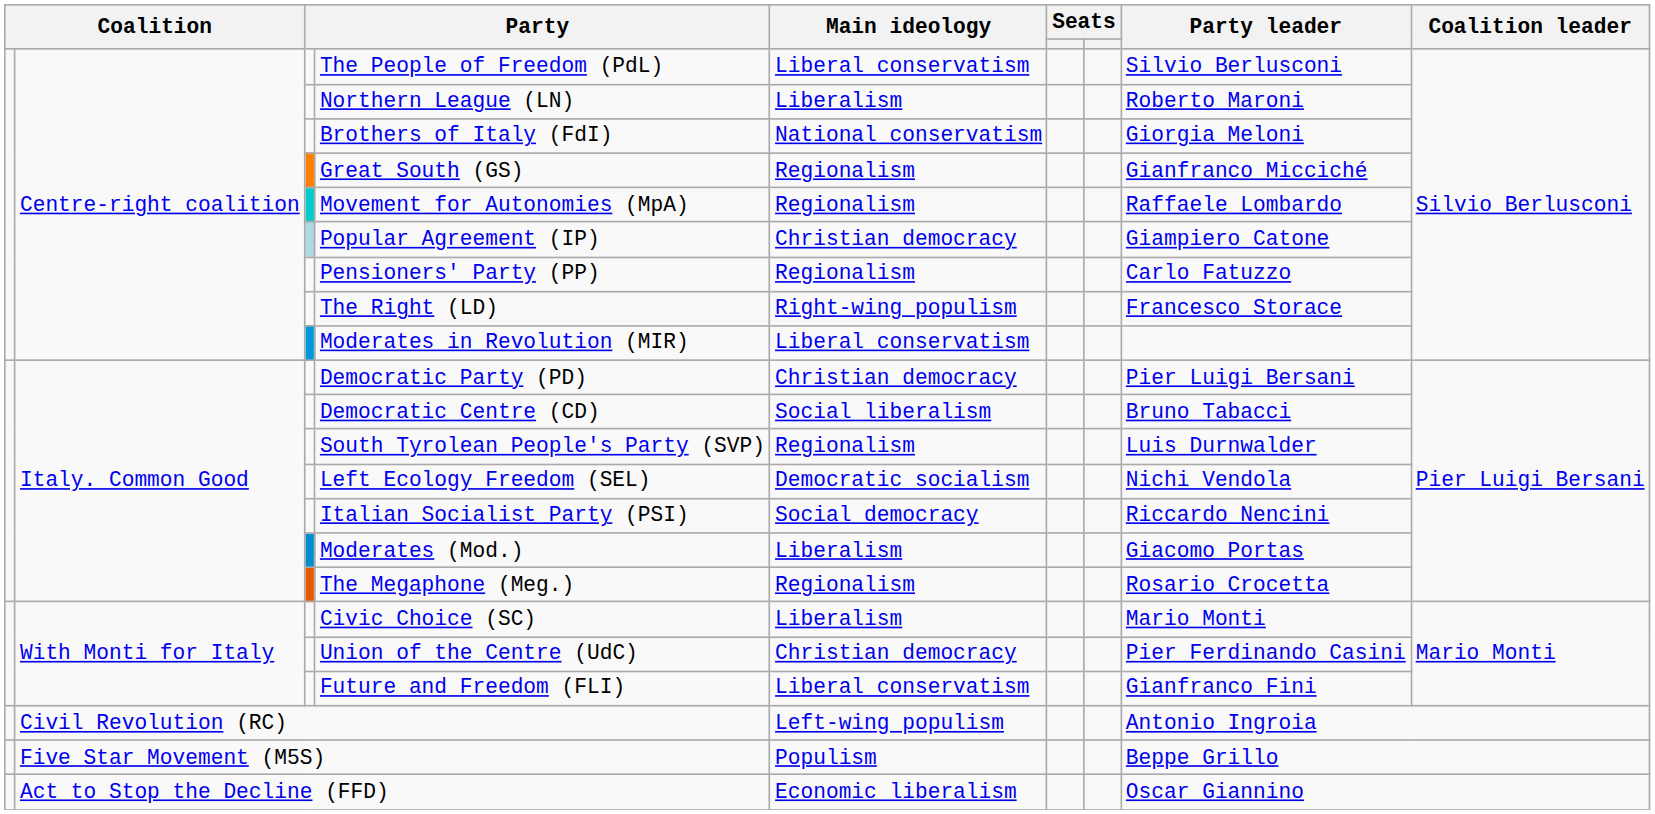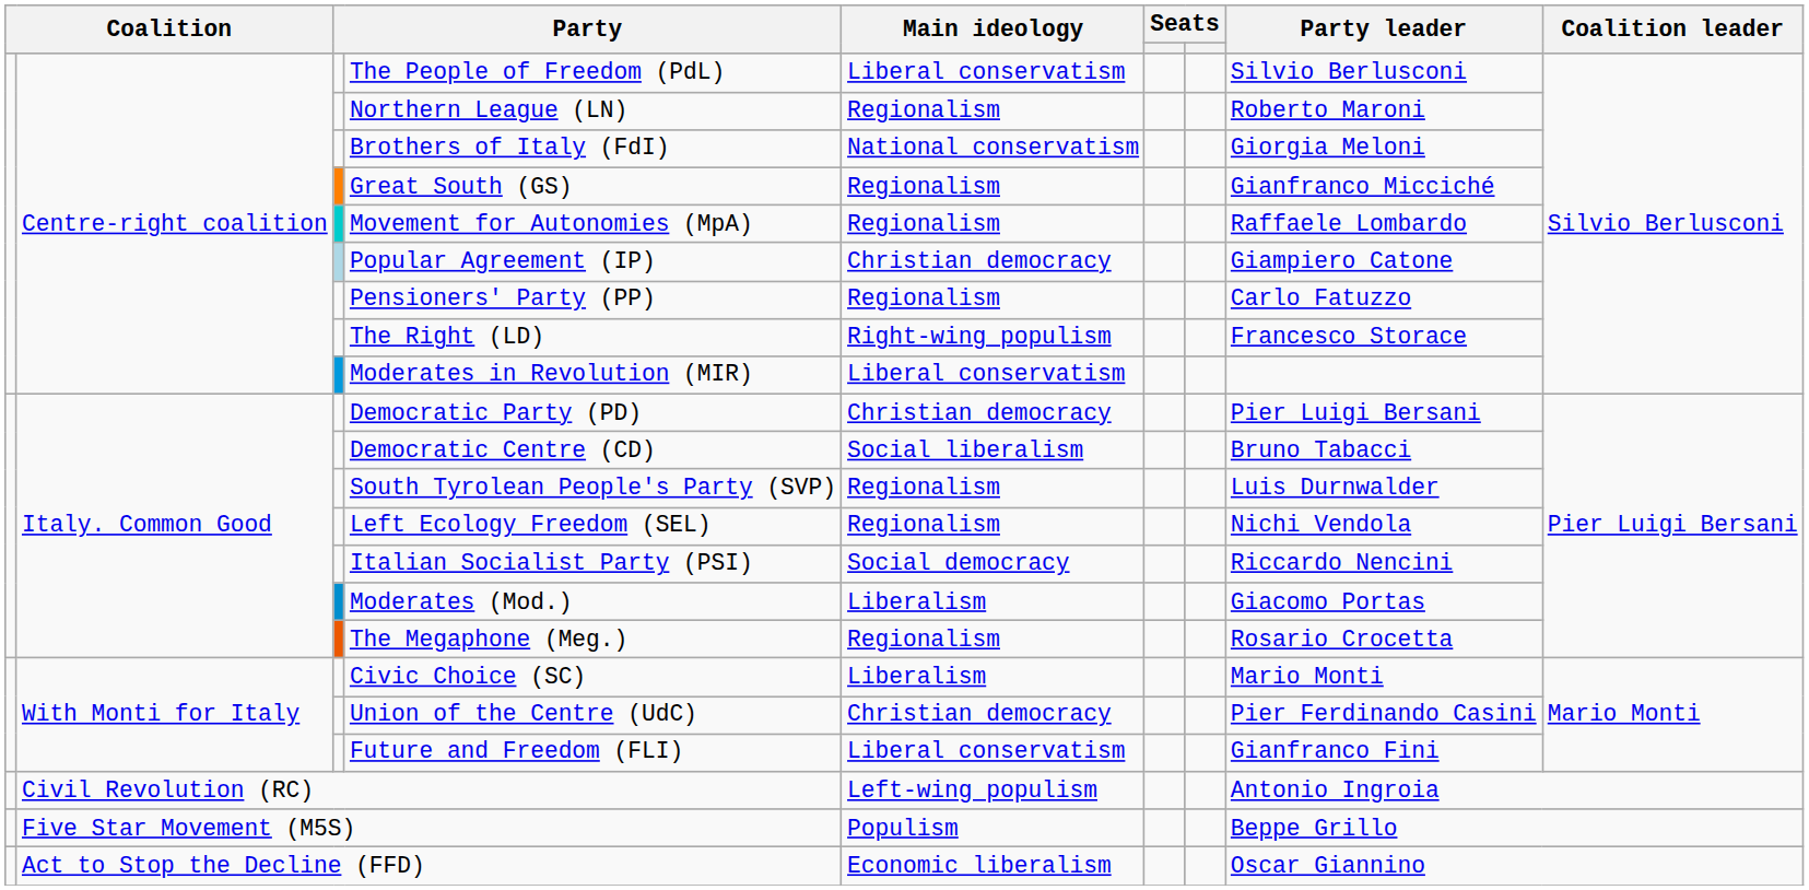 <table class=wikitable style="text-align:left">
 <tr>
 <th colspan="2" rowspan="2">Coalition</th>
 <th colspan="2" rowspan="2">Party</th>
 <th rowspan="2">Main ideology</th>
 <th colspan="2">Seats</th>
 <th rowspan="2">Party leader</th>
 <th rowspan="2">Coalition leader</th>
 </tr>
 <tr>
 <th></th>
 <th></th>
 </tr>
 <tr>
 <td rowspan="9"></td>
 <td rowspan="9"><a href='#'>Centre-right coalition</a></td>
 <td></td>
 <td><a href='#'>The People of Freedom</a> (PdL)</td>
 <td><a href='#'>Liberal conservatism</a></td>
 <td> </td>
 <td></td>
 <td><a href='#'>Silvio Berlusconi</a></td>
 <td rowspan="9"><a href='#'>Silvio Berlusconi</a></td>
 </tr>
 <tr>
 <td></td>
 <td><a href='#'>Northern League</a> (LN)</td>
-<td><a href='#'>Liberalism</a></td>
+<td><a href='#'>Regionalism</a></td>
 <td></td>
 <td></td>
 <td><a href='#'>Roberto Maroni</a></td>
 </tr>
 <tr>
 <td></td>
 <td><a href='#'>Brothers of Italy</a> (FdI)</td>
 <td><a href='#'>National conservatism</a></td>
 <td> </td>
 <td></td>
 <td><a href='#'>Giorgia Meloni</a></td>
 </tr>
 <tr>
 <td style="background:#ff7f00;"></td>
 <td><a href='#'>Great South</a> (GS)</td>
 <td><a href='#'>Regionalism</a></td>
 <td></td>
 <td></td>
 <td><a href='#'>Gianfranco Micciché</a></td>
 </tr>
 <tr>
 <td style="background:#0cc;"></td>
 <td><a href='#'>Movement for Autonomies</a> (MpA)</td>
 <td><a href='#'>Regionalism</a></td>
 <td></td>
 <td></td>
 <td><a href='#'>Raffaele Lombardo</a></td>
 </tr>
 <tr>
 <td style="background:lightblue;"></td>
 <td><a href='#'>Popular Agreement</a> (IP)</td>
 <td><a href='#'>Christian democracy</a></td>
 <td></td>
 <td></td>
 <td><a href='#'>Giampiero Catone</a></td>
 </tr>
 <tr>
 <td></td>
 <td><a href='#'>Pensioners' Party</a> (PP)</td>
 <td><a href='#'>Regionalism</a></td>
 <td></td>
 <td></td>
 <td><a href='#'>Carlo Fatuzzo</a></td>
 </tr>
 <tr>
 <td></td>
 <td><a href='#'>The Right</a> (LD)</td>
 <td><a href='#'>Right-wing populism</a></td>
 <td></td>
 <td></td>
 <td><a href='#'>Francesco Storace</a></td>
 </tr>
 <tr>
 <td style="background:#09d;"></td>
 <td><a href='#'>Moderates in Revolution</a> (MIR)</td>
 <td><a href='#'>Liberal conservatism</a></td>
 <td></td>
 <td></td>
 <td></td>
 </tr>
 <tr>
 <td rowspan="7"></td>
 <td rowspan="7"><a href='#'>Italy. Common Good</a></td>
 <td></td>
 <td><a href='#'>Democratic Party</a> (PD)</td>
 <td><a href='#'>Christian democracy</a></td>
 <td></td>
 <td></td>
 <td><a href='#'>Pier Luigi Bersani</a></td>
 <td rowspan="7"><a href='#'>Pier Luigi Bersani</a></td>
 </tr>
 <tr>
 <td></td>
 <td><a href='#'>Democratic Centre</a> (CD)</td>
 <td><a href='#'>Social liberalism</a></td>
 <td></td>
 <td></td>
 <td><a href='#'>Bruno Tabacci</a></td>
 </tr>
 <tr>
 <td></td>
 <td><a href='#'>South Tyrolean People's Party</a> (SVP)</td>
 <td><a href='#'>Regionalism</a></td>
 <td></td>
 <td></td>
 <td><a href='#'>Luis Durnwalder</a></td>
 </tr>
 <tr>
 <td></td>
 <td><a href='#'>Left Ecology Freedom</a> (SEL)</td>
-<td><a href='#'>Democratic socialism</a></td>
+<td><a href='#'>Regionalism</a></td>
 <td></td>
 <td></td>
 <td><a href='#'>Nichi Vendola</a></td>
 </tr>
 <tr>
 <td></td>
 <td><a href='#'>Italian Socialist Party</a> (PSI)</td>
 <td><a href='#'>Social democracy</a></td>
 <td></td>
 <td></td>
 <td><a href='#'>Riccardo Nencini</a></td>
 </tr>
 <tr>
 <td style="background:#008ECE;"></td>
 <td><a href='#'>Moderates</a> (Mod.)</td>
 <td><a href='#'>Liberalism</a></td>
 <td> </td>
 <td></td>
 <td><a href='#'>Giacomo Portas</a></td>
 </tr>
 <tr>
 <td style="background:#EC5800;"></td>
 <td><a href='#'>The Megaphone</a> (Meg.)</td>
 <td><a href='#'>Regionalism</a></td>
 <td></td>
 <td></td>
 <td><a href='#'>Rosario Crocetta</a></td>
 </tr>
 <tr>
 <td rowspan="3"></td>
 <td rowspan="3"><a href='#'>With Monti for Italy</a></td>
 <td></td>
 <td><a href='#'>Civic Choice</a> (SC)</td>
 <td><a href='#'>Liberalism</a></td>
 <td></td>
 <td></td>
 <td><a href='#'>Mario Monti</a></td>
 <td rowspan="3"><a href='#'>Mario Monti</a></td>
 </tr>
 <tr>
 <td></td>
 <td><a href='#'>Union of the Centre</a> (UdC)</td>
 <td><a href='#'>Christian democracy</a></td>
 <td></td>
 <td></td>
 <td><a href='#'>Pier Ferdinando Casini</a></td>
 </tr>
 <tr>
 <td></td>
 <td><a href='#'>Future and Freedom</a> (FLI)</td>
 <td><a href='#'>Liberal conservatism</a></td>
 <td></td>
 <td></td>
 <td><a href='#'>Gianfranco Fini</a></td>
 </tr>
 <tr>
 <td></td>
 <td colspan="3"><a href='#'>Civil Revolution</a> (RC)</td>
 <td><a href='#'>Left-wing populism</a></td>
 <td></td>
 <td></td>
 <td colspan="2"><a href='#'>Antonio Ingroia</a></td>
 </tr>
 <tr>
 <td></td>
 <td colspan="3"><a href='#'>Five Star Movement</a> (M5S)</td>
 <td><a href='#'>Populism</a></td>
 <td></td>
 <td></td>
 <td colspan="2"><a href='#'>Beppe Grillo</a></td>
 </tr>
 <tr>
 <td></td>
 <td colspan="3"><a href='#'>Act to Stop the Decline</a> (FFD)</td>
 <td><a href='#'>Economic liberalism</a></td>
 <td></td>
 <td></td>
 <td colspan="2"><a href='#'>Oscar Giannino</a></td>
 </tr>
 </table>
